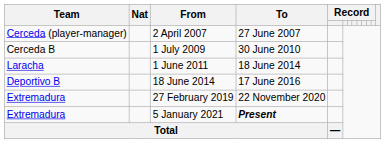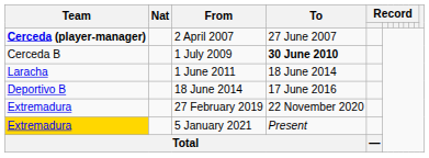 <table class="wikitable" style="text-align: center">
 <tr>
 <th rowspan="2">Team</th>
 <th rowspan="2">Nat</th>
 <th rowspan="2">From</th>
 <th rowspan="2">To</th>
 <th colspan="8">Record</th>
 <th rowspan=2></th>
 </tr>
 <tr>
 <th></th>
 <th></th>
 <th></th>
 <th></th>
 <th></th>
 <th></th>
 <th></th>
 <th></th>
 </tr>
 <tr>
-<td align=left><a href='#'>Cerceda</a> (player-manager)</td>
+<td align=left><strong><a href='#'>Cerceda</a> (player-manager)</strong></td>
 <td></td>
 <td align=left>2 April 2007</td>
 <td align=left>27 June 2007<br></td>
 <td></td>
 </tr>
 <tr>
 <td align=left>Cerceda B</td>
 <td></td>
 <td align=left>1 July 2009</td>
-<td align=left>30 June 2010<br></td>
+<td align=left><strong>30 June 2010<br></strong></td>
 <td></td>
 </tr>
 <tr>
 <td align=left><a href='#'>Laracha</a></td>
 <td></td>
 <td align=left>1 June 2011</td>
 <td align=left>18 June 2014<br></td>
 <td></td>
 </tr>
 <tr>
 <td align=left><a href='#'>Deportivo B</a></td>
 <td></td>
 <td align=left>18 June 2014</td>
 <td align=left>17 June 2016<br></td>
 <td></td>
 </tr>
 <tr>
 <td align=left><a href='#'>Extremadura</a></td>
 <td></td>
 <td align=left>27 February 2019</td>
 <td align=left>22 November 2020<br></td>
 <td></td>
 </tr>
 <tr>
-<td align=left><a href='#'>Extremadura</a></td>
+<td align=left style="background: gold;"><a href='#'>Extremadura</a></td>
 <td></td>
 <td align=left>5 January 2021</td>
-<td align=left><strong><em>Present</em><br></strong></td>
+<td align=left><em>Present</em><br></td>
 <td></td>
 </tr>
 <tr>
 <th colspan="4">Total<br></th>
 <th>—</th>
 </tr>
 </table>
